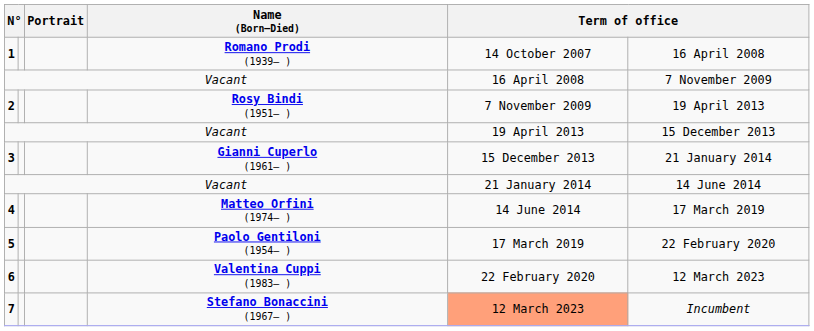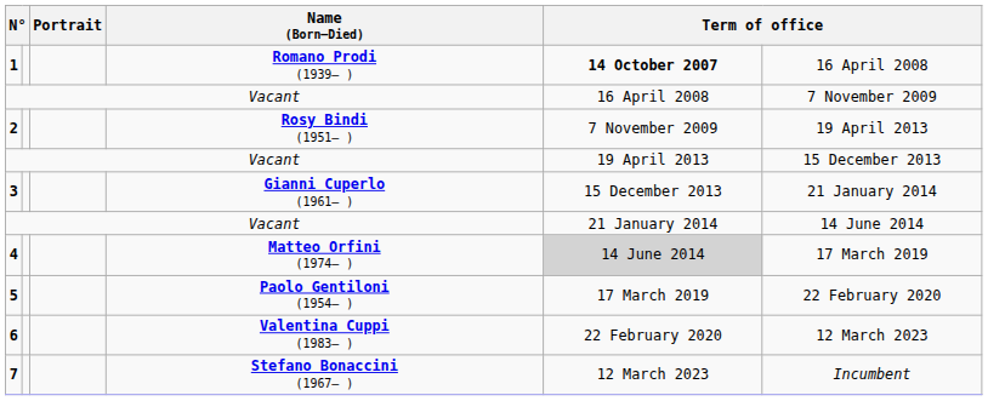 <table class="wikitable" style="text-align:center; width:70%; border:1px #AAAAFF solid">
 <tr>
 <th colspan="2">N°</th>
 <th width=85px>Portrait</th>
 <th width=45%>Name<br><small>(Born–Died)</small></th>
 <th width=45% colspan=2>Term of office</th>
 </tr>
 <tr>
 <td><strong>1</strong></td>
 <td style="background: "></td>
 <td></td>
 <td><strong><a href='#'>Romano Prodi</a></strong><br><small>(1939– )</small></td>
-<td>14 October 2007</td>
+<td><strong>14 October 2007</strong></td>
 <td>16 April 2008</td>
 </tr>
 <tr>
 <td colspan=4><em>Vacant</em></td>
 <td>16 April 2008</td>
 <td>7 November 2009</td>
 </tr>
 <tr>
 <td><strong>2</strong></td>
 <td style="background: "></td>
 <td></td>
 <td><strong><a href='#'>Rosy Bindi</a></strong><br><small>(1951– )</small></td>
 <td>7 November 2009</td>
 <td>19 April 2013</td>
 </tr>
 <tr>
 <td colspan=4><em>Vacant</em></td>
 <td>19 April 2013</td>
 <td>15 December 2013</td>
 </tr>
 <tr>
 <td><strong>3</strong></td>
 <td style="background: "></td>
 <td></td>
 <td><strong><a href='#'>Gianni Cuperlo</a></strong><br><small>(1961– )</small></td>
 <td>15 December 2013</td>
 <td>21 January 2014</td>
 </tr>
 <tr>
 <td colspan=4><em>Vacant</em></td>
 <td>21 January 2014</td>
 <td>14 June 2014</td>
 </tr>
 <tr>
 <td><strong>4</strong></td>
 <td style="background: "></td>
 <td></td>
 <td><strong><a href='#'>Matteo Orfini</a></strong><br><small>(1974– )</small></td>
-<td>14 June 2014</td>
+<td style="background: lightgrey;">14 June 2014</td>
 <td>17 March 2019</td>
 </tr>
 <tr>
 <td><strong>5</strong></td>
 <td style="background: "></td>
 <td></td>
 <td><strong><a href='#'>Paolo Gentiloni</a></strong><br><small>(1954– )</small></td>
 <td>17 March 2019</td>
 <td>22 February 2020</td>
 </tr>
 <tr>
 <td><strong>6</strong></td>
 <td style="background: "></td>
 <td></td>
 <td><strong><a href='#'>Valentina Cuppi</a></strong><br><small>(1983– )</small></td>
 <td>22 February 2020</td>
 <td>12 March 2023</td>
 </tr>
 <tr>
 <td><strong>7</strong></td>
 <td style="background: "></td>
 <td></td>
 <td><strong><a href='#'>Stefano Bonaccini</a></strong><br><small>(1967– )</small></td>
-<td style="background: lightsalmon;">12 March 2023</td>
+<td>12 March 2023</td>
 <td><em>Incumbent</em></td>
 </tr>
 <tr>
 </tr>
 </table>
